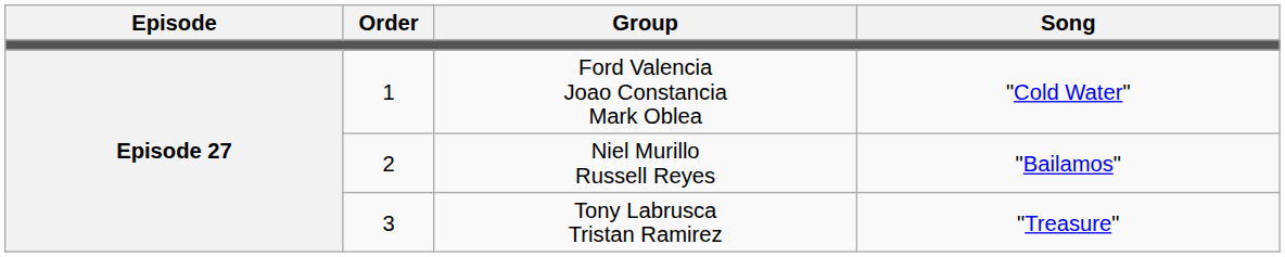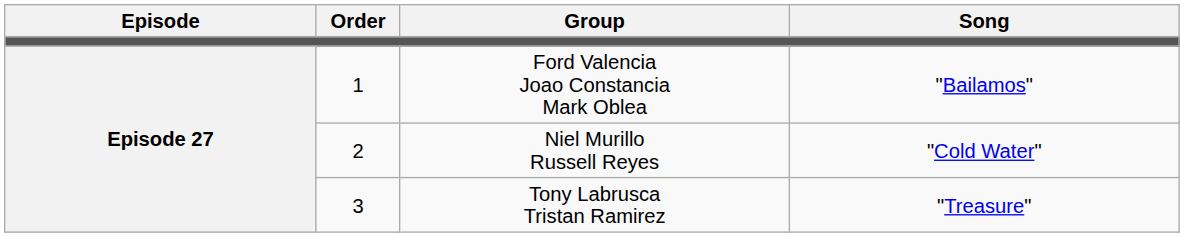 <table class="wikitable" style="text-align:center; line-height:17px; width:100%; font-size: 95%;">
 <tr>
 <th style="width:20%;">Episode</th>
 <th style="width:05%;">Order</th>
 <th style="width:25%;">Group</th>
 <th style="width:25%;">Song</th>
 </tr>
 <tr>
 <td colspan="4" style="background:#555;"></td>
 </tr>
 <tr>
 <th rowspan="4">Episode 27<br><small></small></th>
 <td>1</td>
 <td>Ford Valencia <br> Joao Constancia <br> Mark Oblea</td>
-<td>"<a href='#'>Cold Water</a>"</td>
+<td>"<a href='#'>Bailamos</a>"</td>
 </tr>
 <tr>
 <td>2</td>
 <td>Niel Murillo <br> Russell Reyes</td>
-<td>"<a href='#'>Bailamos</a>"</td>
+<td>"<a href='#'>Cold Water</a>"</td>
 </tr>
 <tr>
 <td>3</td>
 <td>Tony Labrusca <br> Tristan Ramirez</td>
 <td>"<a href='#'>Treasure</a>"</td>
 </tr>
 </table>
